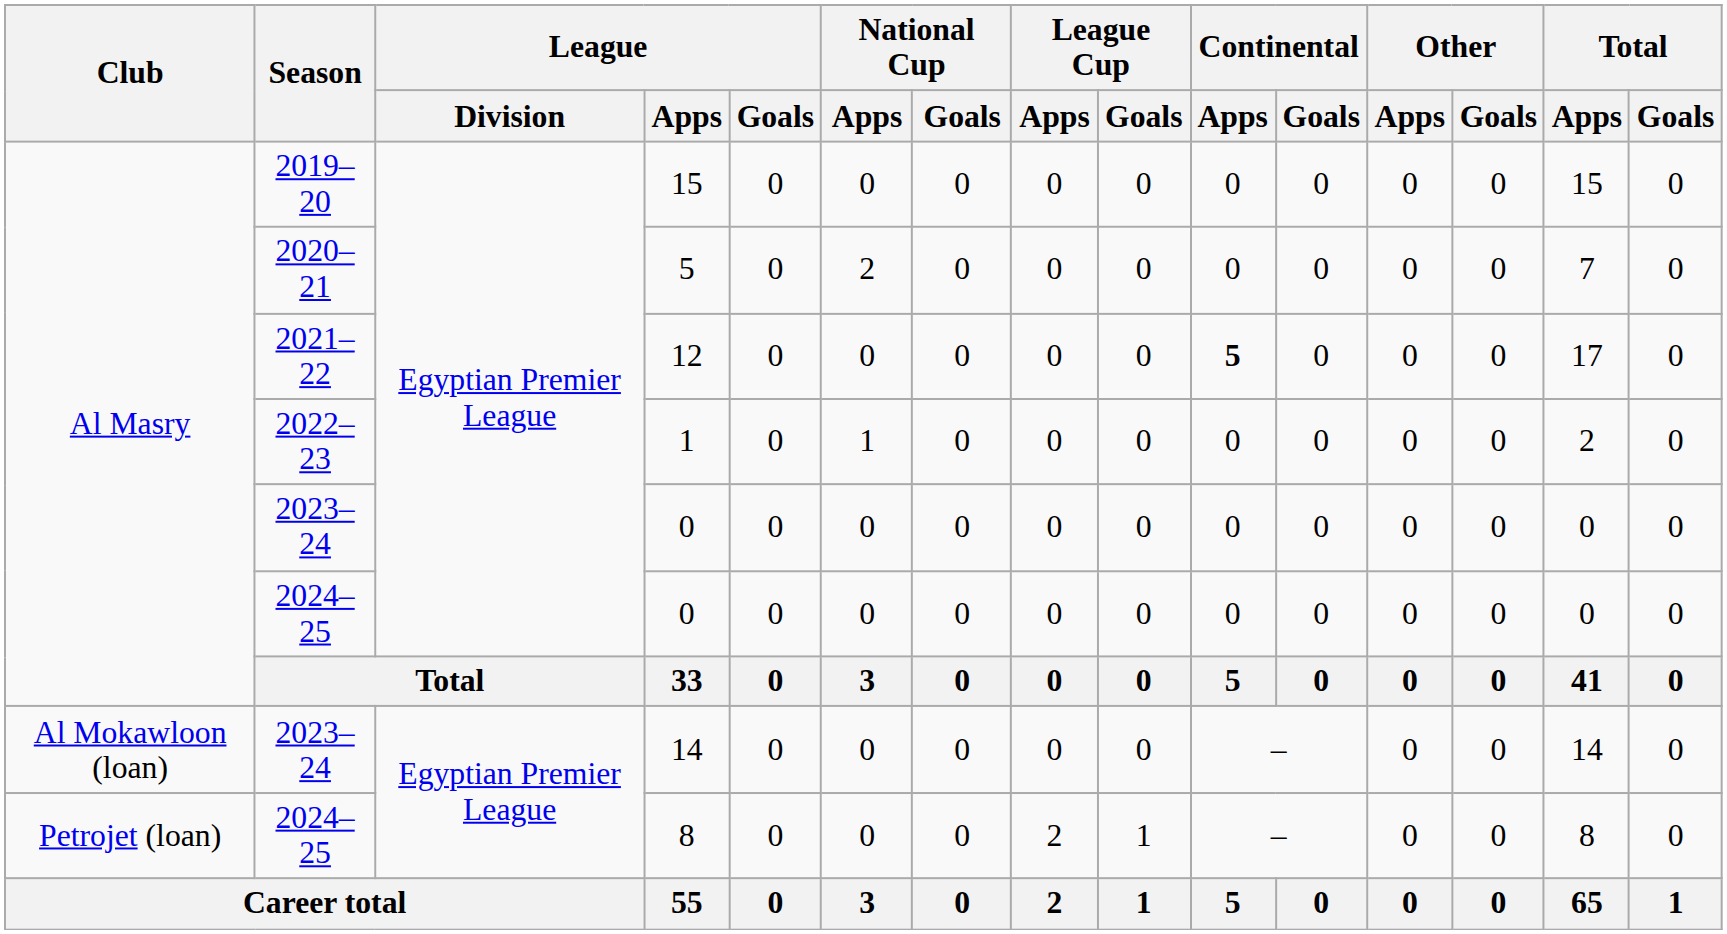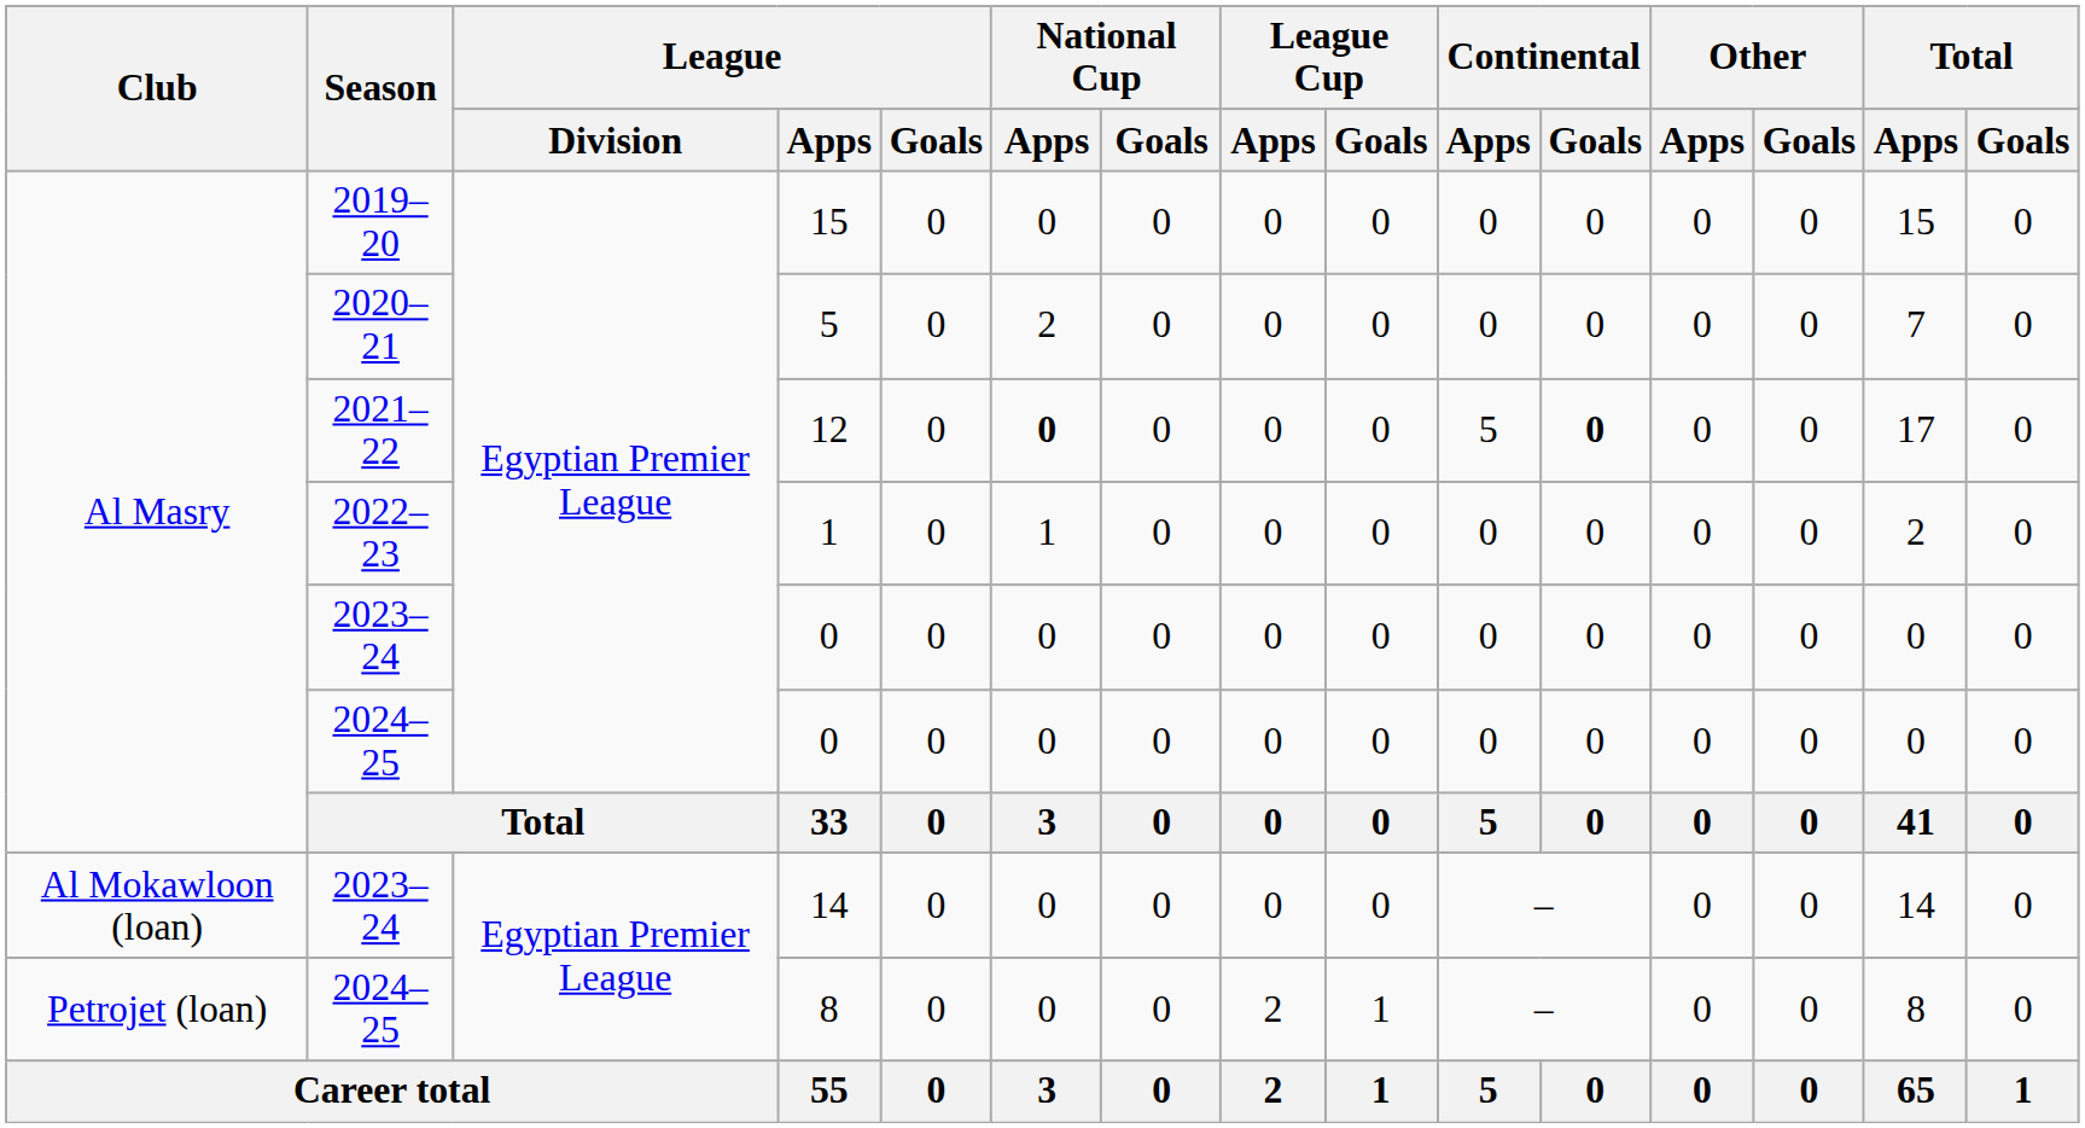 <table class=wikitable style=text-align:center>
 <tr>
 <th rowspan="2">Club</th>
 <th rowspan="2">Season</th>
 <th colspan="3">League</th>
 <th colspan="2">National Cup</th>
 <th colspan="2">League Cup</th>
 <th colspan="2">Continental</th>
 <th colspan="2">Other</th>
 <th colspan="2">Total</th>
 </tr>
 <tr>
 <th>Division</th>
 <th>Apps</th>
 <th>Goals</th>
 <th>Apps</th>
 <th>Goals</th>
 <th>Apps</th>
 <th>Goals</th>
 <th>Apps</th>
 <th>Goals</th>
 <th>Apps</th>
 <th>Goals</th>
 <th>Apps</th>
 <th>Goals</th>
 </tr>
 <tr>
 <td rowspan="7"><a href='#'>Al Masry</a></td>
 <td><a href='#'>2019–20</a></td>
 <td rowspan="6"><a href='#'>Egyptian Premier League</a></td>
 <td>15</td>
 <td>0</td>
 <td>0</td>
 <td>0</td>
 <td>0</td>
 <td>0</td>
 <td>0</td>
 <td>0</td>
 <td>0</td>
 <td>0</td>
 <td>15</td>
 <td>0</td>
 </tr>
 <tr>
 <td><a href='#'>2020–21</a></td>
 <td>5</td>
 <td>0</td>
 <td>2</td>
 <td>0</td>
 <td>0</td>
 <td>0</td>
 <td>0</td>
 <td>0</td>
 <td>0</td>
 <td>0</td>
 <td>7</td>
 <td>0</td>
 </tr>
 <tr>
 <td><a href='#'>2021–22</a></td>
 <td>12</td>
 <td>0</td>
+<td><strong>0</strong></td>
 <td>0</td>
 <td>0</td>
 <td>0</td>
-<td>0</td>
-<td><strong>5</strong></td>
-<td>0</td>
+<td>5</td>
+<td><strong>0</strong></td>
 <td>0</td>
 <td>0</td>
 <td>17</td>
 <td>0</td>
 </tr>
 <tr>
 <td><a href='#'>2022–23</a></td>
 <td>1</td>
 <td>0</td>
 <td>1</td>
 <td>0</td>
 <td>0</td>
 <td>0</td>
 <td>0</td>
 <td>0</td>
 <td>0</td>
 <td>0</td>
 <td>2</td>
 <td>0</td>
 </tr>
 <tr>
 <td><a href='#'>2023–24</a></td>
 <td>0</td>
 <td>0</td>
 <td>0</td>
 <td>0</td>
 <td>0</td>
 <td>0</td>
 <td>0</td>
 <td>0</td>
 <td>0</td>
 <td>0</td>
 <td>0</td>
 <td>0</td>
 </tr>
 <tr>
 <td><a href='#'>2024–25</a></td>
 <td>0</td>
 <td>0</td>
 <td>0</td>
 <td>0</td>
 <td>0</td>
 <td>0</td>
 <td>0</td>
 <td>0</td>
 <td>0</td>
 <td>0</td>
 <td>0</td>
 <td>0</td>
 </tr>
 <tr>
 <th colspan=2>Total</th>
 <th>33</th>
 <th>0</th>
 <th>3</th>
 <th>0</th>
 <th>0</th>
 <th>0</th>
 <th>5</th>
 <th>0</th>
 <th>0</th>
 <th>0</th>
 <th>41</th>
 <th>0</th>
 </tr>
 <tr>
 <td><a href='#'>Al Mokawloon</a> (loan)</td>
 <td><a href='#'>2023–24</a></td>
 <td rowspan="2"><a href='#'>Egyptian Premier League</a></td>
 <td>14</td>
 <td>0</td>
 <td>0</td>
 <td>0</td>
 <td>0</td>
 <td>0</td>
 <td colspan="2">–</td>
 <td>0</td>
 <td>0</td>
 <td>14</td>
 <td>0</td>
 </tr>
 <tr>
 <td><a href='#'>Petrojet</a> (loan)</td>
 <td><a href='#'>2024–25</a></td>
 <td>8</td>
 <td>0</td>
 <td>0</td>
 <td>0</td>
 <td>2</td>
 <td>1</td>
 <td colspan="2">–</td>
 <td>0</td>
 <td>0</td>
 <td>8</td>
 <td>0</td>
 </tr>
 <tr>
 <th colspan=3>Career total</th>
 <th>55</th>
 <th>0</th>
 <th>3</th>
 <th>0</th>
 <th>2</th>
 <th>1</th>
 <th>5</th>
 <th>0</th>
 <th>0</th>
 <th>0</th>
 <th>65</th>
 <th>1</th>
 </tr>
 </table>
